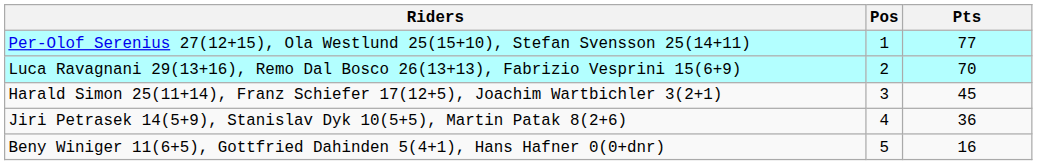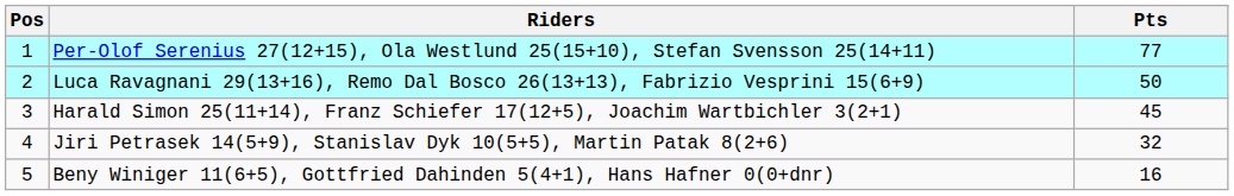 <table class="wikitable" style="font-size: 100%">
 <tr>
+<th width=20>Pos</th>
 <th width=700>Riders</th>
-<th width=20>Pos</th>
 <th width=100>Pts</th>
 </tr>
 <tr align=center style="background-color: #b3ffff;">
+<td>1</td>
 <td align="left"> <a href='#'>Per-Olof Serenius</a> 27(12+15), Ola Westlund 25(15+10), Stefan Svensson 25(14+11)</td>
-<td>1</td>
 <td>77</td>
 </tr>
 <tr align=center style="background-color: #b3ffff;">
+<td>2</td>
 <td align="left"> Luca Ravagnani 29(13+16), Remo Dal Bosco 26(13+13), Fabrizio Vesprini 15(6+9)</td>
-<td>2</td>
-<td>70</td>
+<td>50</td>
 </tr>
 <tr align=center>
+<td>3</td>
 <td align="left"> Harald Simon 25(11+14), Franz Schiefer 17(12+5), Joachim Wartbichler 3(2+1)</td>
-<td>3</td>
 <td>45</td>
 </tr>
 <tr align=center>
+<td>4</td>
 <td align="left"> Jiri Petrasek 14(5+9), Stanislav Dyk 10(5+5), Martin Patak 8(2+6)</td>
-<td>4</td>
-<td>36</td>
+<td>32</td>
 </tr>
 <tr align=center>
+<td>5</td>
 <td align="left"> Beny Winiger 11(6+5), Gottfried Dahinden 5(4+1), Hans Hafner 0(0+dnr)</td>
-<td>5</td>
 <td>16</td>
 </tr>
 </table>
